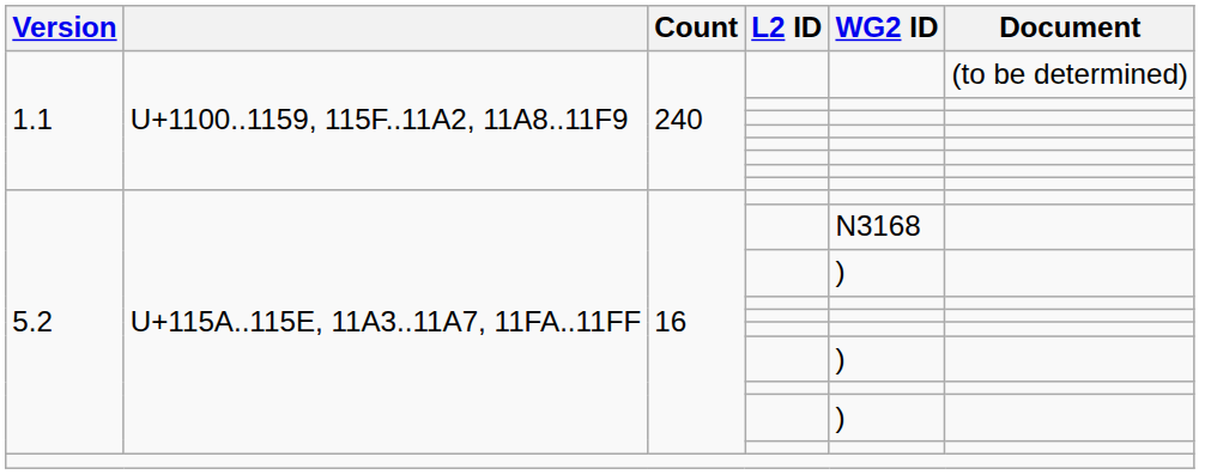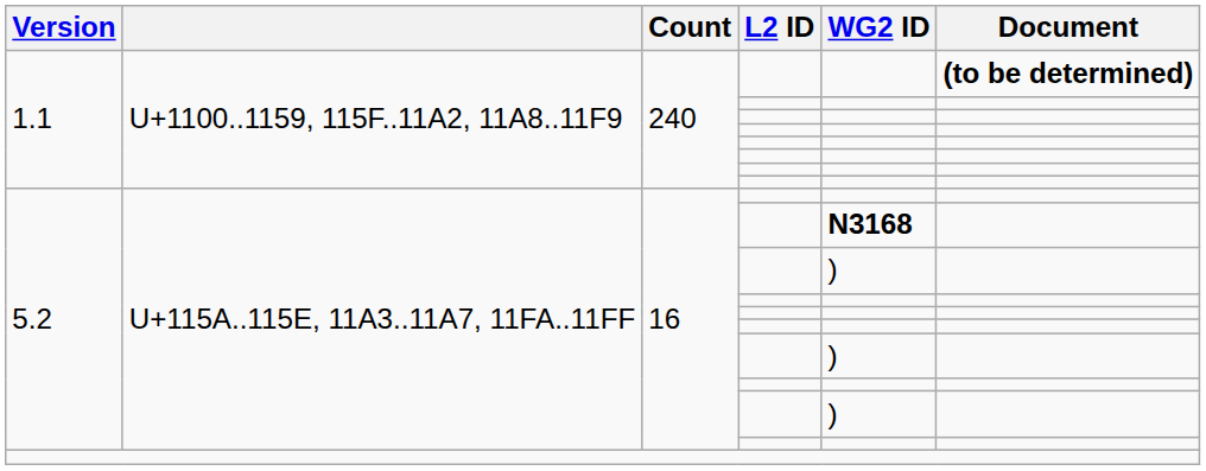 <table class="wikitable collapsible sticky-header">
 <tr>
 <th><a href='#'>Version</a></th>
 <th></th>
 <th>Count</th>
 <th><a href='#'>L2</a> ID</th>
 <th><a href='#'>WG2</a> ID</th>
 <th>Document</th>
 </tr>
 <tr>
 <td rowspan="8">1.1</td>
 <td rowspan="8">U+1100..1159, 115F..11A2, 11A8..11F9</td>
 <td rowspan="8">240</td>
 <td></td>
 <td></td>
-<td>(to be determined)</td>
+<td><strong>(to be determined)</strong></td>
 </tr>
 <tr>
 <td></td>
 <td></td>
 <td></td>
 </tr>
 <tr>
 <td></td>
 <td></td>
 <td></td>
 </tr>
 <tr>
 <td></td>
 <td></td>
 <td></td>
 </tr>
 <tr>
 <td></td>
 <td></td>
 <td></td>
 </tr>
 <tr>
 <td></td>
 <td></td>
 <td></td>
 </tr>
 <tr>
 <td></td>
 <td></td>
 <td></td>
 </tr>
 <tr>
 <td></td>
 <td></td>
 <td></td>
 </tr>
 <tr>
 <td rowspan="10">5.2</td>
 <td rowspan="10">U+115A..115E, 11A3..11A7, 11FA..11FF</td>
 <td rowspan="10">16</td>
 <td></td>
 <td></td>
 <td></td>
 </tr>
 <tr>
 <td></td>
-<td>N3168</td>
+<td><strong>N3168</strong></td>
 <td></td>
 </tr>
 <tr>
 <td></td>
 <td> )</td>
 <td></td>
 </tr>
 <tr>
 <td></td>
 <td></td>
 <td></td>
 </tr>
 <tr>
 <td></td>
 <td></td>
 <td></td>
 </tr>
 <tr>
 <td></td>
 <td></td>
 <td></td>
 </tr>
 <tr>
 <td></td>
 <td> )</td>
 <td></td>
 </tr>
 <tr>
 <td></td>
 <td></td>
 <td></td>
 </tr>
 <tr>
 <td></td>
 <td> )</td>
 <td></td>
 </tr>
 <tr>
 <td></td>
 <td></td>
 <td></td>
 </tr>
 <tr class="sortbottom">
 <td colspan="6"></td>
 </tr>
 </table>
